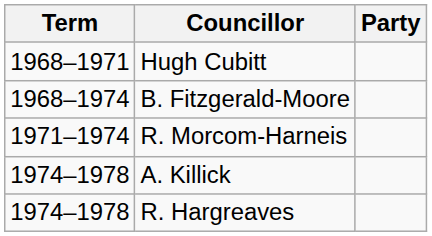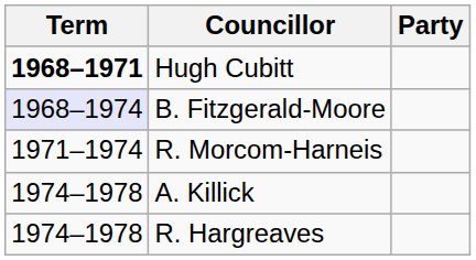 <table class="wikitable">
 <tr>
 <th>Term</th>
 <th>Councillor</th>
 <th colspan=2>Party</th>
 </tr>
 <tr>
-<td>1968–1971</td>
+<td><strong>1968–1971</strong></td>
 <td>Hugh Cubitt</td>
 <td></td>
 </tr>
 <tr>
-<td>1968–1974</td>
+<td style="background: lavender;">1968–1974</td>
 <td>B. Fitzgerald-Moore</td>
 <td></td>
 </tr>
 <tr>
 <td>1971–1974</td>
 <td>R. Morcom-Harneis</td>
 <td></td>
 </tr>
 <tr>
 <td>1974–1978</td>
 <td>A. Killick</td>
 <td></td>
 </tr>
 <tr>
 <td>1974–1978</td>
 <td>R. Hargreaves</td>
 <td></td>
 </tr>
 </table>
